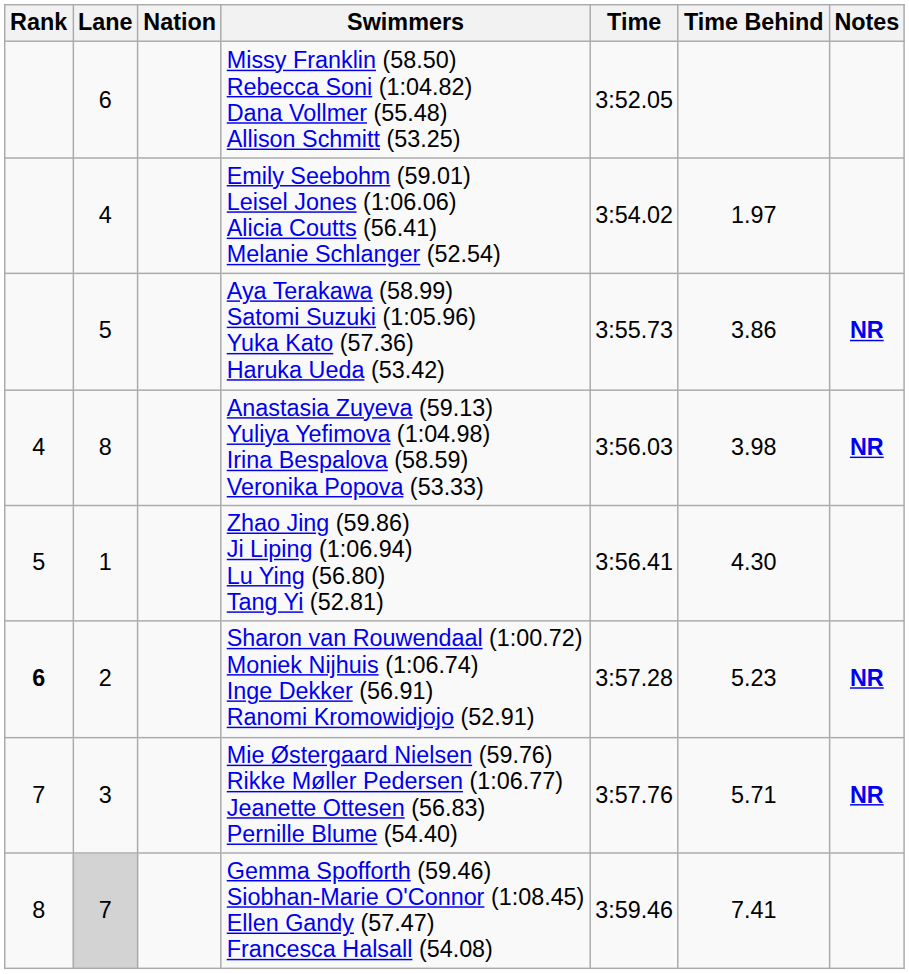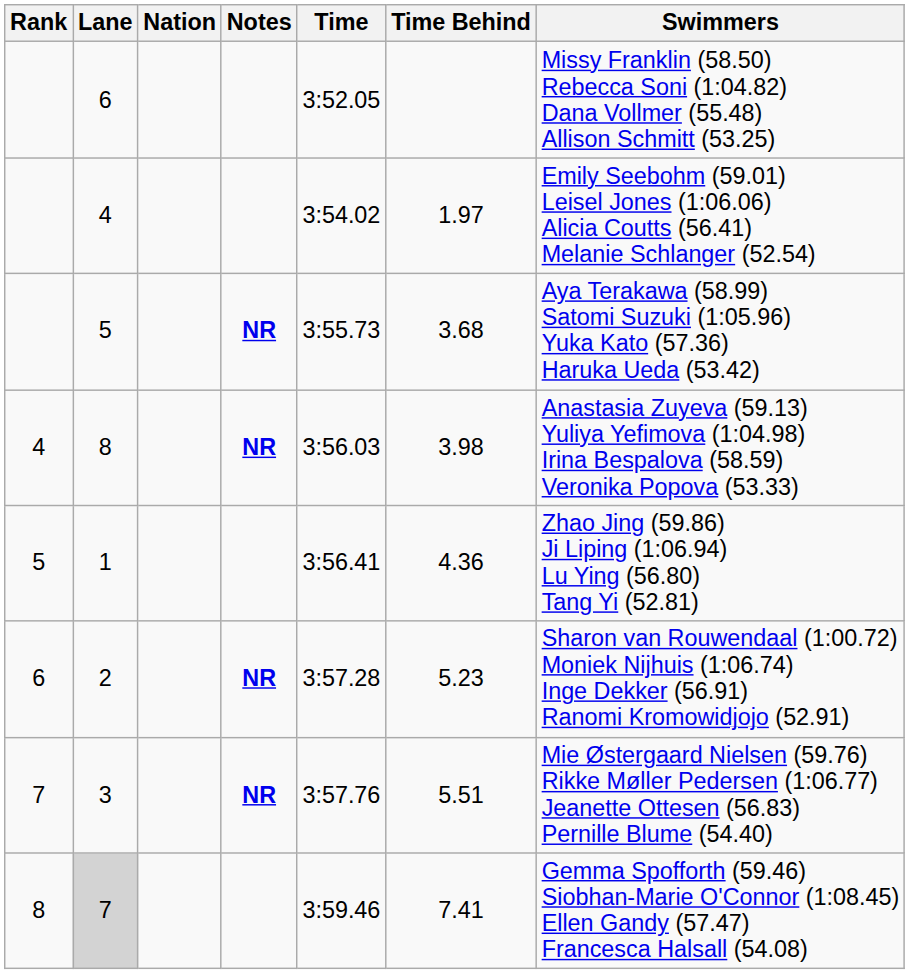 <table class="wikitable sortable" style="text-align:center">
 <tr>
 <th>Rank</th>
 <th>Lane</th>
 <th>Nation</th>
-<th>Swimmers</th>
+<th>Notes</th>
 <th>Time</th>
 <th>Time Behind</th>
-<th>Notes</th>
+<th>Swimmers</th>
 </tr>
 <tr>
 <td></td>
 <td>6</td>
 <td align=left></td>
-<td align=left><a href='#'>Missy Franklin</a> (58.50)<br><a href='#'>Rebecca Soni</a> (1:04.82)<br><a href='#'>Dana Vollmer</a> (55.48)<br><a href='#'>Allison Schmitt</a> (53.25)</td>
+<td></td>
 <td>3:52.05</td>
 <td></td>
-<td></td>
+<td align=left><a href='#'>Missy Franklin</a> (58.50)<br><a href='#'>Rebecca Soni</a> (1:04.82)<br><a href='#'>Dana Vollmer</a> (55.48)<br><a href='#'>Allison Schmitt</a> (53.25)</td>
 </tr>
 <tr>
 <td></td>
 <td>4</td>
 <td align=left></td>
-<td align=left><a href='#'>Emily Seebohm</a> (59.01)<br><a href='#'>Leisel Jones</a> (1:06.06)<br><a href='#'>Alicia Coutts</a> (56.41)<br><a href='#'>Melanie Schlanger</a> (52.54)</td>
+<td></td>
 <td>3:54.02</td>
 <td>1.97</td>
-<td></td>
+<td align=left><a href='#'>Emily Seebohm</a> (59.01)<br><a href='#'>Leisel Jones</a> (1:06.06)<br><a href='#'>Alicia Coutts</a> (56.41)<br><a href='#'>Melanie Schlanger</a> (52.54)</td>
 </tr>
 <tr>
 <td></td>
 <td>5</td>
 <td align=left></td>
+<td><strong><a href='#'>NR</a></strong></td>
+<td>3:55.73</td>
+<td>3.68</td>
 <td align=left><a href='#'>Aya Terakawa</a> (58.99)<br><a href='#'>Satomi Suzuki</a> (1:05.96)<br><a href='#'>Yuka Kato</a> (57.36)<br><a href='#'>Haruka Ueda</a> (53.42)</td>
-<td>3:55.73</td>
-<td>3.86</td>
-<td><strong><a href='#'>NR</a></strong></td>
 </tr>
 <tr>
 <td>4</td>
 <td>8</td>
 <td align=left></td>
-<td align=left><a href='#'>Anastasia Zuyeva</a> (59.13)<br><a href='#'>Yuliya Yefimova</a> (1:04.98)<br><a href='#'>Irina Bespalova</a> (58.59)<br><a href='#'>Veronika Popova</a> (53.33)</td>
+<td><strong><a href='#'>NR</a></strong></td>
 <td>3:56.03</td>
 <td>3.98</td>
-<td><strong><a href='#'>NR</a></strong></td>
+<td align=left><a href='#'>Anastasia Zuyeva</a> (59.13)<br><a href='#'>Yuliya Yefimova</a> (1:04.98)<br><a href='#'>Irina Bespalova</a> (58.59)<br><a href='#'>Veronika Popova</a> (53.33)</td>
 </tr>
 <tr>
 <td>5</td>
 <td>1</td>
 <td align=left></td>
+<td></td>
+<td>3:56.41</td>
+<td>4.36</td>
 <td align=left><a href='#'>Zhao Jing</a> (59.86)<br><a href='#'>Ji Liping</a> (1:06.94)<br><a href='#'>Lu Ying</a> (56.80)<br><a href='#'>Tang Yi</a> (52.81)</td>
-<td>3:56.41</td>
-<td>4.30</td>
-<td></td>
 </tr>
 <tr>
-<td><strong>6</strong></td>
+<td>6</td>
 <td>2</td>
 <td align=left></td>
-<td align=left><a href='#'>Sharon van Rouwendaal</a> (1:00.72)<br><a href='#'>Moniek Nijhuis</a> (1:06.74)<br><a href='#'>Inge Dekker</a> (56.91)<br><a href='#'>Ranomi Kromowidjojo</a> (52.91)</td>
+<td><strong><a href='#'>NR</a></strong></td>
 <td>3:57.28</td>
 <td>5.23</td>
-<td><strong><a href='#'>NR</a></strong></td>
+<td align=left><a href='#'>Sharon van Rouwendaal</a> (1:00.72)<br><a href='#'>Moniek Nijhuis</a> (1:06.74)<br><a href='#'>Inge Dekker</a> (56.91)<br><a href='#'>Ranomi Kromowidjojo</a> (52.91)</td>
 </tr>
 <tr>
 <td>7</td>
 <td>3</td>
 <td align=left></td>
+<td><strong><a href='#'>NR</a></strong></td>
+<td>3:57.76</td>
+<td>5.51</td>
 <td align=left><a href='#'>Mie Østergaard Nielsen</a> (59.76)<br><a href='#'>Rikke Møller Pedersen</a> (1:06.77)<br><a href='#'>Jeanette Ottesen</a> (56.83)<br><a href='#'>Pernille Blume</a> (54.40)</td>
-<td>3:57.76</td>
-<td>5.71</td>
-<td><strong><a href='#'>NR</a></strong></td>
 </tr>
 <tr>
 <td>8</td>
 <td style="background: lightgrey;">7</td>
 <td align=left></td>
-<td align=left><a href='#'>Gemma Spofforth</a> (59.46)<br><a href='#'>Siobhan-Marie O'Connor</a> (1:08.45)<br><a href='#'>Ellen Gandy</a> (57.47)<br><a href='#'>Francesca Halsall</a> (54.08)</td>
+<td></td>
 <td>3:59.46</td>
 <td>7.41</td>
-<td></td>
+<td align=left><a href='#'>Gemma Spofforth</a> (59.46)<br><a href='#'>Siobhan-Marie O'Connor</a> (1:08.45)<br><a href='#'>Ellen Gandy</a> (57.47)<br><a href='#'>Francesca Halsall</a> (54.08)</td>
 </tr>
 </table>
